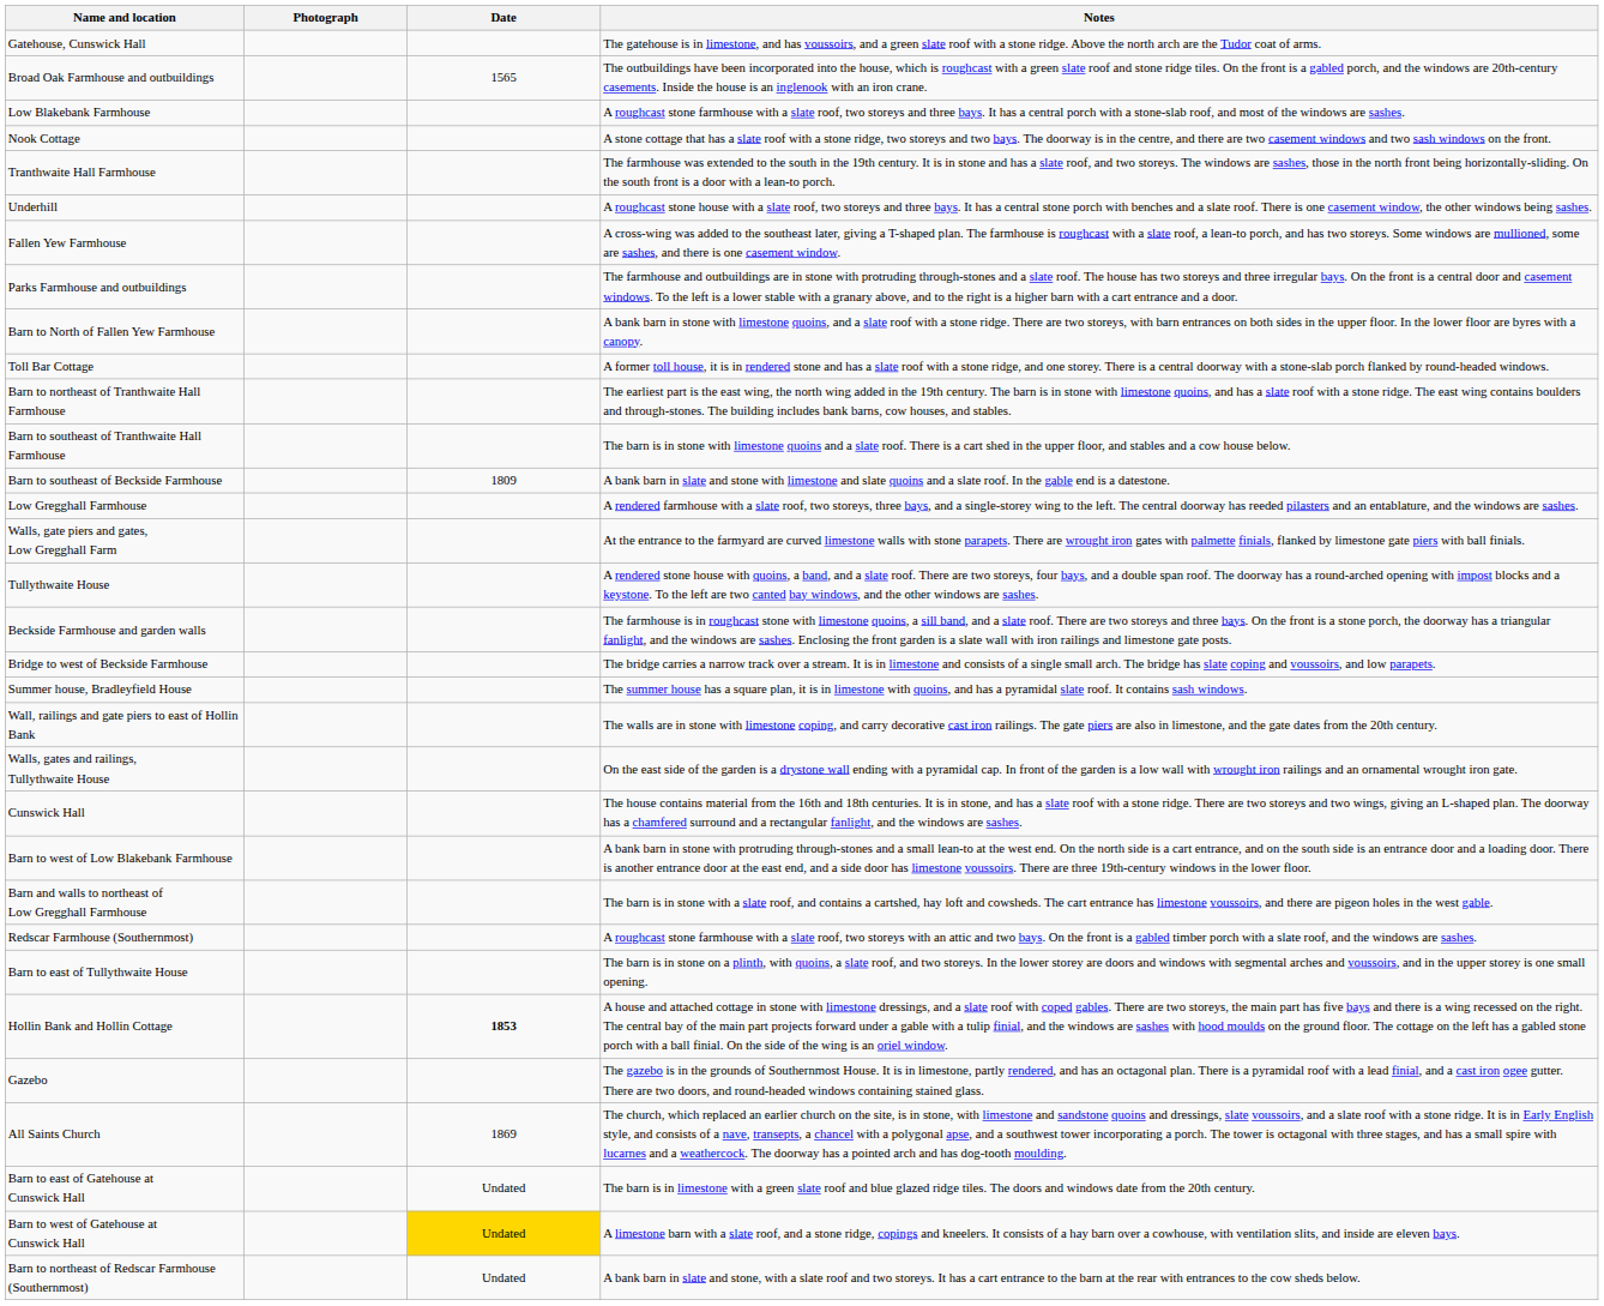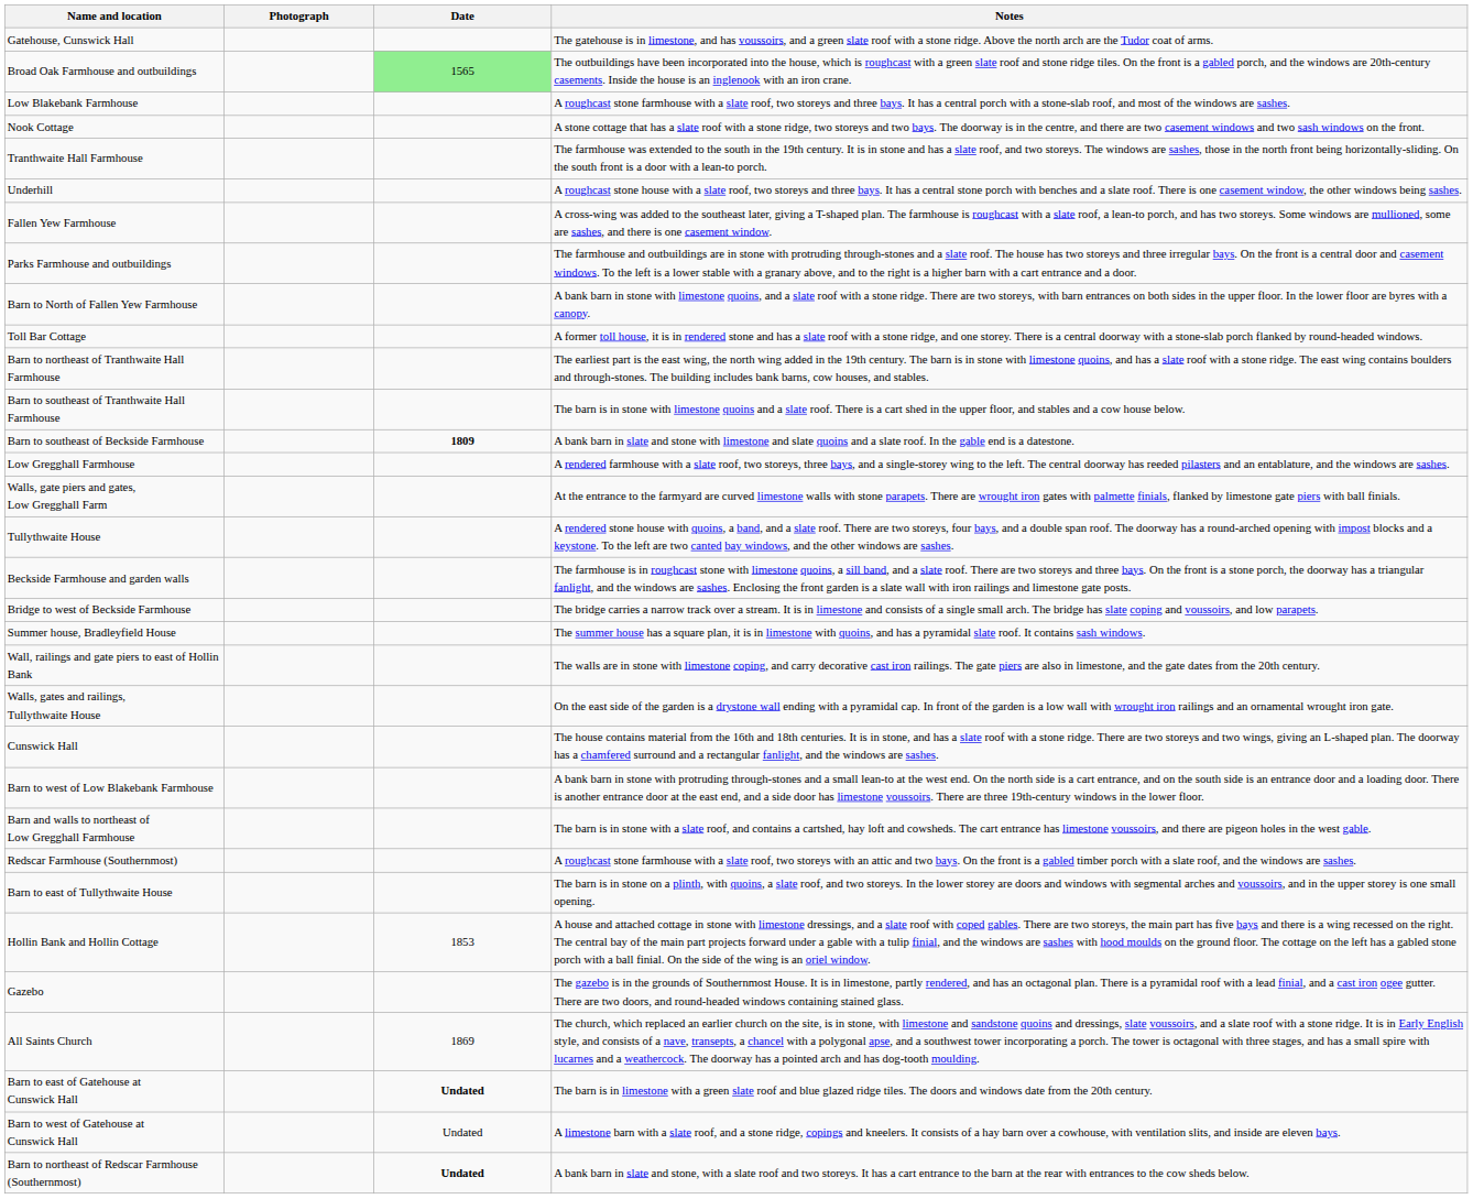 <table class="wikitable sortable plainrowheaders" style="width:100%;border:0px;text-align:left;line-height:150%;">
 <tr>
 <th scope="col"  style="width:150px">Name and location</th>
 <th scope="col"  style="width:100px" class="unsortable">Photograph</th>
 <th scope="col"  style="width:120px">Date</th>
 <th scope="col"  style="width:650px" class="unsortable">Notes</th>
 </tr>
 <tr>
 <td>Gatehouse, Cunswick Hall<br><small></small></td>
 <td></td>
 <td align="center"></td>
 <td>The gatehouse is in <a href='#'>limestone</a>, and has <a href='#'>voussoirs</a>, and a green <a href='#'>slate</a> roof with a stone ridge.  Above the north arch are the <a href='#'>Tudor</a> coat of arms.</td>
 </tr>
 <tr>
 <td>Broad Oak Farmhouse and outbuildings<br><small></small></td>
 <td></td>
-<td align="center">1565</td>
+<td align="center" style="background: lightgreen;">1565</td>
 <td>The outbuildings have been incorporated into the house, which is <a href='#'>roughcast</a> with a green <a href='#'>slate</a> roof and stone ridge tiles.  On the front is a <a href='#'>gabled</a> porch, and the windows are 20th-century <a href='#'>casements</a>.  Inside the house is an <a href='#'>inglenook</a> with an iron crane.</td>
 </tr>
 <tr>
 <td>Low Blakebank Farmhouse<br><small></small></td>
 <td></td>
 <td align="center"></td>
 <td>A <a href='#'>roughcast</a> stone farmhouse with a <a href='#'>slate</a> roof, two storeys and three <a href='#'>bays</a>.  It has a central porch with a stone-slab roof, and most of the windows are <a href='#'>sashes</a>.</td>
 </tr>
 <tr>
 <td>Nook Cottage<br><small></small></td>
 <td></td>
 <td align="center"></td>
 <td>A stone cottage that has a <a href='#'>slate</a> roof with a stone ridge, two storeys and two <a href='#'>bays</a>.  The doorway is in the centre, and there are two <a href='#'>casement windows</a> and two <a href='#'>sash windows</a> on the front.</td>
 </tr>
 <tr>
 <td>Tranthwaite Hall Farmhouse<br><small></small></td>
 <td></td>
 <td align="center"></td>
 <td>The farmhouse was extended to the south in the 19th century.  It is in stone and has a <a href='#'>slate</a> roof, and two storeys.  The windows are <a href='#'>sashes</a>, those in the north front being horizontally-sliding.  On the south front is a door with a lean-to porch.</td>
 </tr>
 <tr>
 <td>Underhill<br><small></small></td>
 <td></td>
 <td align="center"></td>
 <td>A <a href='#'>roughcast</a> stone house with a <a href='#'>slate</a> roof, two storeys and three <a href='#'>bays</a>.  It has a central stone porch with benches and a slate roof.  There is one <a href='#'>casement window</a>, the other windows being <a href='#'>sashes</a>.</td>
 </tr>
 <tr>
 <td>Fallen Yew Farmhouse<br><small></small></td>
 <td></td>
 <td align="center"></td>
 <td>A cross-wing was added to the southeast later, giving a T-shaped plan.  The farmhouse is <a href='#'>roughcast</a> with a <a href='#'>slate</a> roof, a lean-to porch, and has two storeys.  Some windows are <a href='#'>mullioned</a>, some are <a href='#'>sashes</a>, and there is one <a href='#'>casement window</a>.</td>
 </tr>
 <tr>
 <td>Parks Farmhouse and outbuildings<br><small></small></td>
 <td></td>
 <td align="center"></td>
 <td>The farmhouse and outbuildings are in stone with protruding through-stones and a <a href='#'>slate</a> roof.  The house has two storeys and three irregular <a href='#'>bays</a>.  On the front is a central door and <a href='#'>casement windows</a>.  To the left is a lower stable with a granary above, and to the right is a higher barn with a cart entrance and a door.</td>
 </tr>
 <tr>
 <td>Barn to North of Fallen Yew Farmhouse<br><small></small></td>
 <td></td>
 <td align="center"></td>
 <td>A bank barn in stone with <a href='#'>limestone</a> <a href='#'>quoins</a>, and a <a href='#'>slate</a> roof with a stone ridge. There are two storeys, with barn entrances on both sides in the upper floor.  In the lower floor are byres with a <a href='#'>canopy</a>.</td>
 </tr>
 <tr>
 <td>Toll Bar Cottage<br><small></small></td>
 <td></td>
 <td align="center"></td>
 <td>A former <a href='#'>toll house</a>, it is in <a href='#'>rendered</a> stone and has a <a href='#'>slate</a> roof with a stone ridge, and one storey.  There is a central doorway with a stone-slab porch flanked by round-headed windows.</td>
 </tr>
 <tr>
 <td>Barn to northeast of Tranthwaite Hall Farmhouse<br><small></small></td>
 <td></td>
 <td align="center"></td>
 <td>The earliest part is the east wing, the north wing added in the 19th century.  The barn is in stone with <a href='#'>limestone</a> <a href='#'>quoins</a>, and has a <a href='#'>slate</a> roof with a stone ridge.  The east wing contains boulders and through-stones.  The building includes bank barns, cow houses, and stables.</td>
 </tr>
 <tr>
 <td>Barn to southeast of Tranthwaite Hall Farmhouse<br><small></small></td>
 <td></td>
 <td align="center"></td>
 <td>The barn is in stone with <a href='#'>limestone</a> <a href='#'>quoins</a> and a <a href='#'>slate</a> roof.  There is a cart shed in the upper floor, and stables and a cow house below.</td>
 </tr>
 <tr>
 <td>Barn to southeast of Beckside Farmhouse<br><small></small></td>
 <td></td>
-<td align="center">1809</td>
+<td align="center"><strong>1809</strong></td>
 <td>A bank barn in <a href='#'>slate</a> and stone with <a href='#'>limestone</a> and slate <a href='#'>quoins</a> and a slate roof.  In the <a href='#'>gable</a> end is a datestone.</td>
 </tr>
 <tr>
 <td>Low Gregghall Farmhouse<br><small></small></td>
 <td></td>
 <td align="center"></td>
 <td>A <a href='#'>rendered</a> farmhouse with a <a href='#'>slate</a> roof, two storeys, three <a href='#'>bays</a>, and a single-storey wing to the left.  The central doorway has reeded <a href='#'>pilasters</a> and an entablature, and the windows are <a href='#'>sashes</a>.</td>
 </tr>
 <tr>
 <td>Walls, gate piers and gates,<br>Low Gregghall Farm<br><small></small></td>
 <td></td>
 <td align="center"></td>
 <td>At the entrance to the farmyard are curved <a href='#'>limestone</a> walls with stone <a href='#'>parapets</a>.  There are <a href='#'>wrought iron</a> gates with <a href='#'>palmette</a> <a href='#'>finials</a>, flanked by limestone gate <a href='#'>piers</a> with ball finials.</td>
 </tr>
 <tr>
 <td>Tullythwaite House<br><small></small></td>
 <td></td>
 <td align="center"></td>
 <td>A <a href='#'>rendered</a> stone house with <a href='#'>quoins</a>, a <a href='#'>band</a>, and a <a href='#'>slate</a> roof.  There are two storeys, four <a href='#'>bays</a>, and a double span roof.  The doorway has a round-arched opening with <a href='#'>impost</a> blocks and a <a href='#'>keystone</a>.  To the left are two <a href='#'>canted</a> <a href='#'>bay windows</a>, and the other windows are <a href='#'>sashes</a>.</td>
 </tr>
 <tr>
 <td>Beckside Farmhouse and garden walls<br><small></small></td>
 <td></td>
 <td align="center"></td>
 <td>The farmhouse is in <a href='#'>roughcast</a> stone with <a href='#'>limestone</a> <a href='#'>quoins</a>, a <a href='#'>sill band</a>, and a <a href='#'>slate</a> roof.  There are two storeys and three <a href='#'>bays</a>.  On the front is a stone porch, the doorway has a triangular <a href='#'>fanlight</a>, and the windows are <a href='#'>sashes</a>.  Enclosing the front garden is a slate wall with iron railings and limestone gate posts.</td>
 </tr>
 <tr>
 <td>Bridge to west of Beckside Farmhouse<br><small></small></td>
 <td></td>
 <td align="center"></td>
 <td>The bridge carries a narrow track over a stream.  It is in <a href='#'>limestone</a> and consists of a single small arch.  The bridge has <a href='#'>slate</a> <a href='#'>coping</a> and <a href='#'>voussoirs</a>, and low <a href='#'>parapets</a>.</td>
 </tr>
 <tr>
 <td>Summer house, Bradleyfield House<br><small></small></td>
 <td></td>
 <td align="center"></td>
 <td>The <a href='#'>summer house</a> has a square plan, it is in <a href='#'>limestone</a> with <a href='#'>quoins</a>, and has a pyramidal <a href='#'>slate</a> roof.  It contains <a href='#'>sash windows</a>.</td>
 </tr>
 <tr>
 <td>Wall, railings and gate piers to east of Hollin Bank<br><small></small></td>
 <td></td>
 <td align="center"></td>
 <td>The walls are in stone with <a href='#'>limestone</a> <a href='#'>coping</a>, and carry decorative <a href='#'>cast iron</a> railings.  The gate <a href='#'>piers</a> are also in limestone, and the gate dates from the 20th century.</td>
 </tr>
 <tr>
 <td>Walls, gates and railings,<br>Tullythwaite House<br><small></small></td>
 <td></td>
 <td align="center"></td>
 <td>On the east side of the garden is a <a href='#'>drystone wall</a> ending with a pyramidal cap.  In front of the garden is a low wall with <a href='#'>wrought iron</a> railings and an ornamental wrought iron gate.</td>
 </tr>
 <tr>
 <td>Cunswick Hall<br><small></small></td>
 <td></td>
 <td align="center"></td>
 <td>The house contains material from the 16th and 18th centuries.  It is in stone, and has a <a href='#'>slate</a> roof with a stone ridge.  There are two storeys and two wings, giving an L-shaped plan.  The doorway has a <a href='#'>chamfered</a> surround and a rectangular <a href='#'>fanlight</a>, and the windows are <a href='#'>sashes</a>.</td>
 </tr>
 <tr>
 <td>Barn to west of Low Blakebank Farmhouse<br><small></small></td>
 <td></td>
 <td align="center"></td>
 <td>A bank barn in stone with protruding through-stones and a small lean-to at the west end.  On the north side is a cart entrance, and on the south side is an entrance door and a loading door.  There is another entrance door at the east end, and a side door has <a href='#'>limestone</a> <a href='#'>voussoirs</a>.  There are three 19th-century windows in the lower floor.</td>
 </tr>
 <tr>
 <td>Barn and walls to northeast of<br>Low Gregghall Farmhouse<br><small></small></td>
 <td></td>
 <td align="center"></td>
 <td>The barn is in stone with a <a href='#'>slate</a> roof, and contains a cartshed, hay loft and cowsheds.  The cart entrance has <a href='#'>limestone</a> <a href='#'>voussoirs</a>, and there are pigeon holes in the west <a href='#'>gable</a>.</td>
 </tr>
 <tr>
 <td>Redscar Farmhouse (Southernmost)<br><small></small></td>
 <td></td>
 <td align="center"></td>
 <td>A <a href='#'>roughcast</a> stone farmhouse with a <a href='#'>slate</a> roof, two storeys with an attic and two <a href='#'>bays</a>.  On the front is a <a href='#'>gabled</a> timber porch with a slate roof, and the windows are <a href='#'>sashes</a>.</td>
 </tr>
 <tr>
 <td>Barn to east of Tullythwaite House<br><small></small></td>
 <td></td>
 <td align="center"></td>
 <td>The barn is in stone on a <a href='#'>plinth</a>, with <a href='#'>quoins</a>, a <a href='#'>slate</a> roof, and two storeys.  In the lower storey are doors and windows with segmental arches and <a href='#'>voussoirs</a>, and in the upper storey is one small opening.</td>
 </tr>
 <tr>
 <td>Hollin Bank and Hollin Cottage<br><small></small></td>
 <td></td>
-<td align="center"><strong>1853</strong></td>
+<td align="center">1853</td>
 <td>A house and attached cottage in stone with <a href='#'>limestone</a> dressings, and a <a href='#'>slate</a> roof with <a href='#'>coped</a> <a href='#'>gables</a>.  There are two storeys, the main part has five <a href='#'>bays</a> and there is a wing recessed on the right.  The central bay of the main part projects forward under a gable with a tulip <a href='#'>finial</a>, and the windows are <a href='#'>sashes</a> with <a href='#'>hood moulds</a> on the ground floor.  The cottage on the left has a gabled stone porch with a ball finial.  On the side of the wing is an <a href='#'>oriel window</a>.</td>
 </tr>
 <tr>
 <td>Gazebo<br><small></small></td>
 <td></td>
 <td align="center"></td>
 <td>The <a href='#'>gazebo</a> is in the grounds of Southernmost House.  It is in limestone, partly <a href='#'>rendered</a>, and has an octagonal plan.  There is a pyramidal roof with a lead <a href='#'>finial</a>, and a <a href='#'>cast iron</a> <a href='#'>ogee</a> gutter.  There are two doors, and round-headed windows containing stained glass.</td>
 </tr>
 <tr>
 <td>All Saints Church<br><small></small></td>
 <td></td>
 <td align="center">1869</td>
 <td>The church, which replaced an earlier church on the site, is in stone, with <a href='#'>limestone</a> and <a href='#'>sandstone</a> <a href='#'>quoins</a> and dressings, <a href='#'>slate</a> <a href='#'>voussoirs</a>, and a slate roof with a stone ridge.  It is in <a href='#'>Early English</a> style, and consists of a <a href='#'>nave</a>, <a href='#'>transepts</a>, a <a href='#'>chancel</a> with a polygonal <a href='#'>apse</a>, and a southwest tower incorporating a porch.  The tower is octagonal with three stages, and has a small spire with <a href='#'>lucarnes</a> and a <a href='#'>weathercock</a>.  The doorway has a pointed arch and has dog-tooth <a href='#'>moulding</a>.</td>
 </tr>
 <tr>
 <td>Barn to east of Gatehouse at<br>Cunswick Hall<br><small></small></td>
 <td></td>
-<td align="center">Undated</td>
+<td align="center"><strong>Undated</strong></td>
 <td>The barn is in <a href='#'>limestone</a> with a green <a href='#'>slate</a> roof and blue glazed ridge tiles.  The doors and windows date from the 20th century.</td>
 </tr>
 <tr>
 <td>Barn to west of Gatehouse at<br>Cunswick Hall<br><small></small></td>
 <td></td>
-<td align="center" style="background: gold;">Undated</td>
+<td align="center">Undated</td>
 <td>A <a href='#'>limestone</a> barn with a <a href='#'>slate</a> roof, and a stone ridge, <a href='#'>copings</a> and kneelers.  It consists of a hay barn over a cowhouse, with ventilation slits, and inside are eleven <a href='#'>bays</a>.</td>
 </tr>
 <tr>
 <td>Barn to northeast of Redscar Farmhouse (Southernmost)<br><small></small></td>
 <td></td>
-<td align="center">Undated</td>
+<td align="center"><strong>Undated</strong></td>
 <td>A bank barn in <a href='#'>slate</a> and stone, with a slate roof and two storeys.  It has a cart entrance to the barn at the rear with entrances to the cow sheds below.</td>
 </tr>
 <tr>
 </tr>
 </table>
